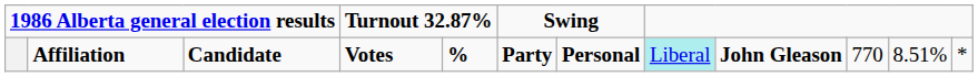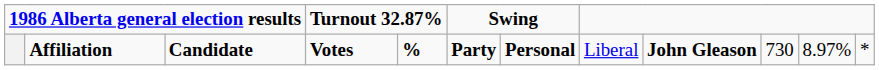 <table class="wikitable">
 <tr>
 <td colspan="3" align=center><strong><a href='#'>1986 Alberta general election</a> results</strong></td>
 <td colspan="2"><strong>Turnout 32.87%</strong></td>
 <td colspan="2" align=center><strong>Swing</strong></td>
 </tr>
 <tr>
 <th style="width: 10px;"></th>
 <td><strong>Affiliation</strong></td>
 <td><strong>Candidate</strong></td>
 <td><strong>Votes</strong></td>
 <td><strong>%</strong></td>
 <td><strong>Party</strong></td>
 <td><strong>Personal</strong><br>  </td>
-<td style="background: paleturquoise;"><a href='#'>Liberal</a></td>
+<td><a href='#'>Liberal</a></td>
 <td><strong>John Gleason</strong></td>
-<td>770</td>
-<td>8.51%</td>
+<td>730</td>
+<td>8.97%</td>
 <td colspan=2 align=center>*<br>   </td>
 </tr>
 </table>
